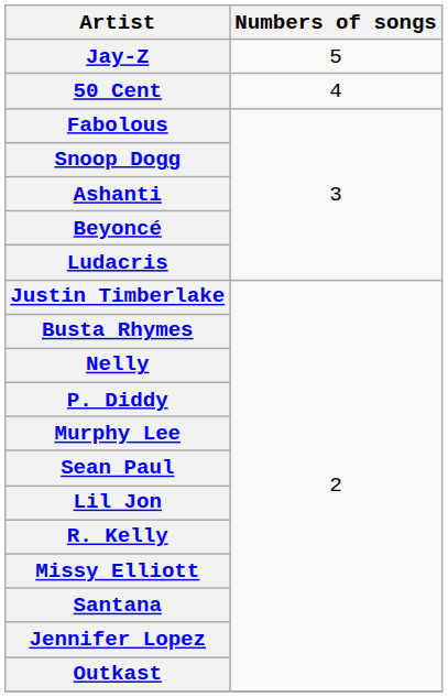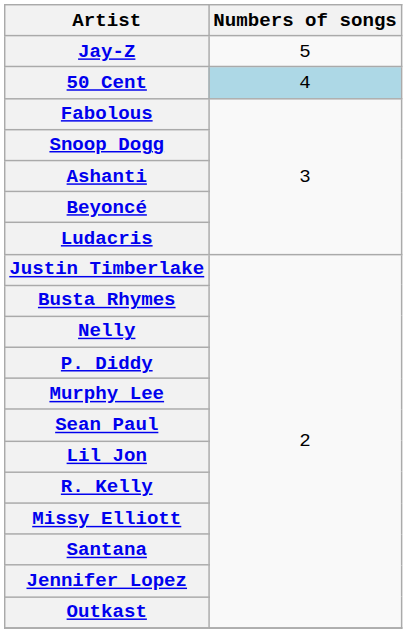 <table class="wikitable sortable plainrowheaders" style="text-align:center;">
 <tr>
 <th scope="col">Artist</th>
 <th scope="col">Numbers of songs</th>
 </tr>
 <tr>
 <th scope="row"><a href='#'>Jay-Z</a></th>
 <td>5</td>
 </tr>
 <tr>
 <th scope="row"><a href='#'>50 Cent</a></th>
-<td>4</td>
+<td style="background: lightblue;">4</td>
 </tr>
 <tr>
 <th scope="row"><a href='#'>Fabolous</a></th>
 <td rowspan="5">3</td>
 </tr>
 <tr>
 <th scope="row"><a href='#'>Snoop Dogg</a></th>
 </tr>
 <tr>
 <th scope="row"><a href='#'>Ashanti</a></th>
 </tr>
 <tr>
 <th scope="row"><a href='#'>Beyoncé</a></th>
 </tr>
 <tr>
 <th scope="row"><a href='#'>Ludacris</a></th>
 </tr>
 <tr>
 <th scope="row"><a href='#'>Justin Timberlake</a></th>
 <td rowspan="12">2</td>
 </tr>
 <tr>
 <th scope="row"><a href='#'>Busta Rhymes</a></th>
 </tr>
 <tr>
 <th scope="row"><a href='#'>Nelly</a></th>
 </tr>
 <tr>
 <th scope="row"><a href='#'>P. Diddy</a></th>
 </tr>
 <tr>
 <th scope="row"><a href='#'>Murphy Lee</a></th>
 </tr>
 <tr>
 <th scope="row"><a href='#'>Sean Paul</a></th>
 </tr>
 <tr>
 <th scope="row"><a href='#'>Lil Jon</a></th>
 </tr>
 <tr>
 <th scope="row"><a href='#'>R. Kelly</a></th>
 </tr>
 <tr>
 <th scope="row"><a href='#'>Missy Elliott</a></th>
 </tr>
 <tr>
 <th scope="row"><a href='#'>Santana</a></th>
 </tr>
 <tr>
 <th scope="row"><a href='#'>Jennifer Lopez</a></th>
 </tr>
 <tr>
 <th scope="row"><a href='#'>Outkast</a></th>
 </tr>
 <tr>
 </tr>
 </table>
